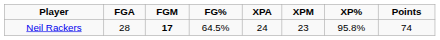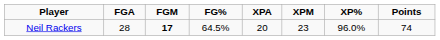 <table class="wikitable" width="80%">
 <tr align="center">
 <td><strong>Player</strong></td>
 <td><strong>FGA</strong></td>
 <td><strong>FGM</strong></td>
 <td><strong>FG%</strong></td>
 <td><strong>XPA</strong></td>
 <td><strong>XPM</strong></td>
 <td><strong>XP%</strong></td>
 <td><strong>Points</strong></td>
 </tr>
 <tr align="center" bgcolor="">
 <td><a href='#'>Neil Rackers</a></td>
 <td>28</td>
 <td><strong>17</strong></td>
 <td>64.5%</td>
-<td>24</td>
+<td>20</td>
 <td>23</td>
-<td>95.8%</td>
+<td>96.0%</td>
 <td>74</td>
 </tr>
 </table>
